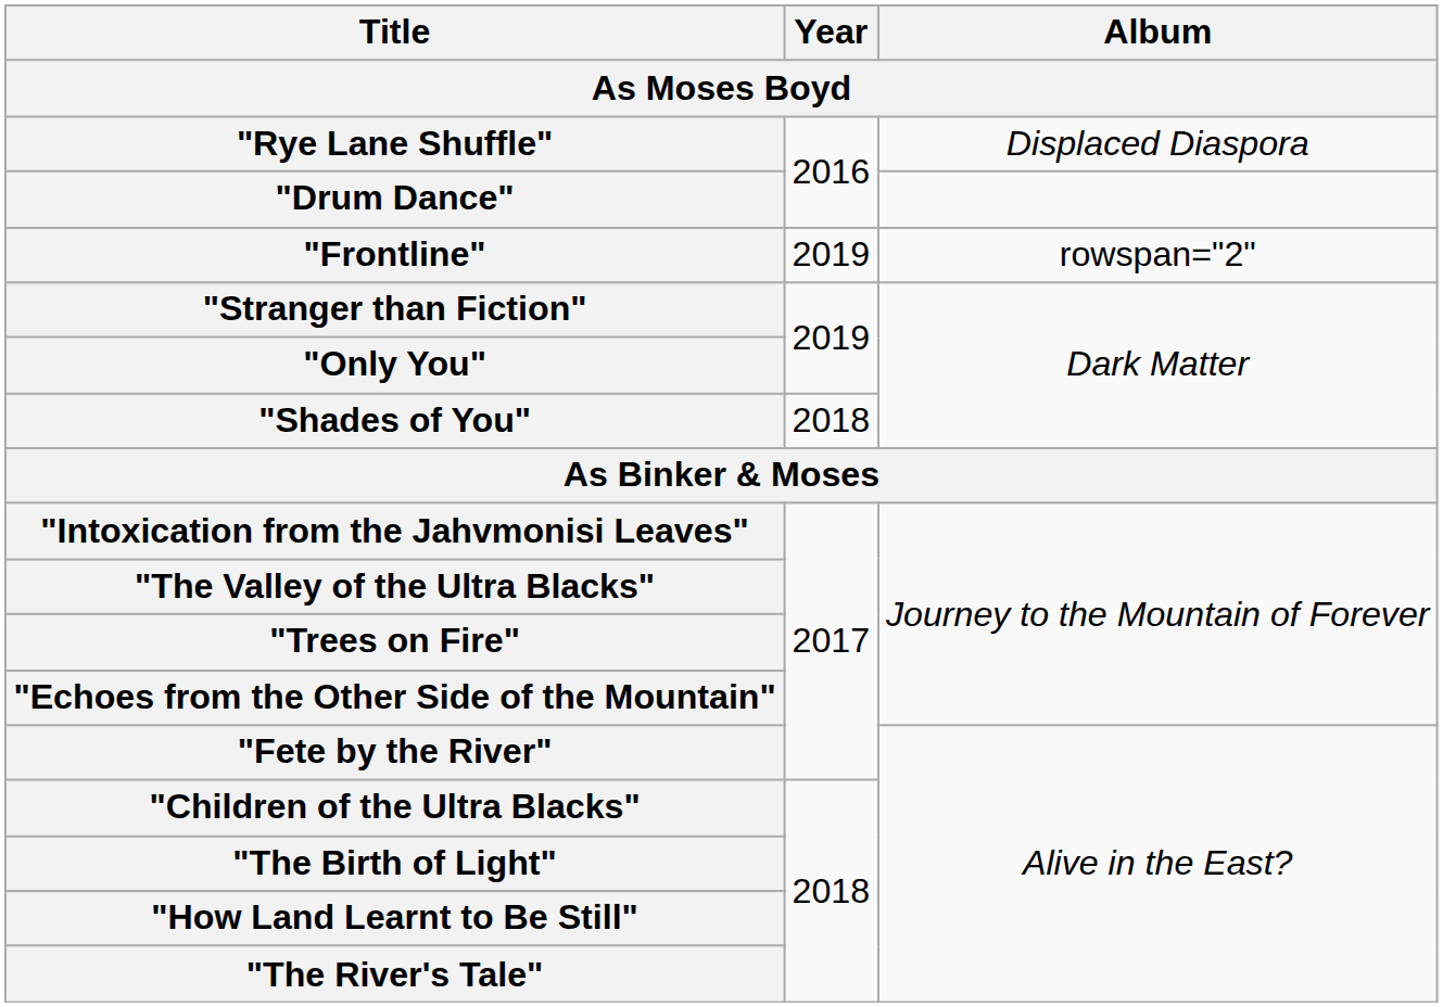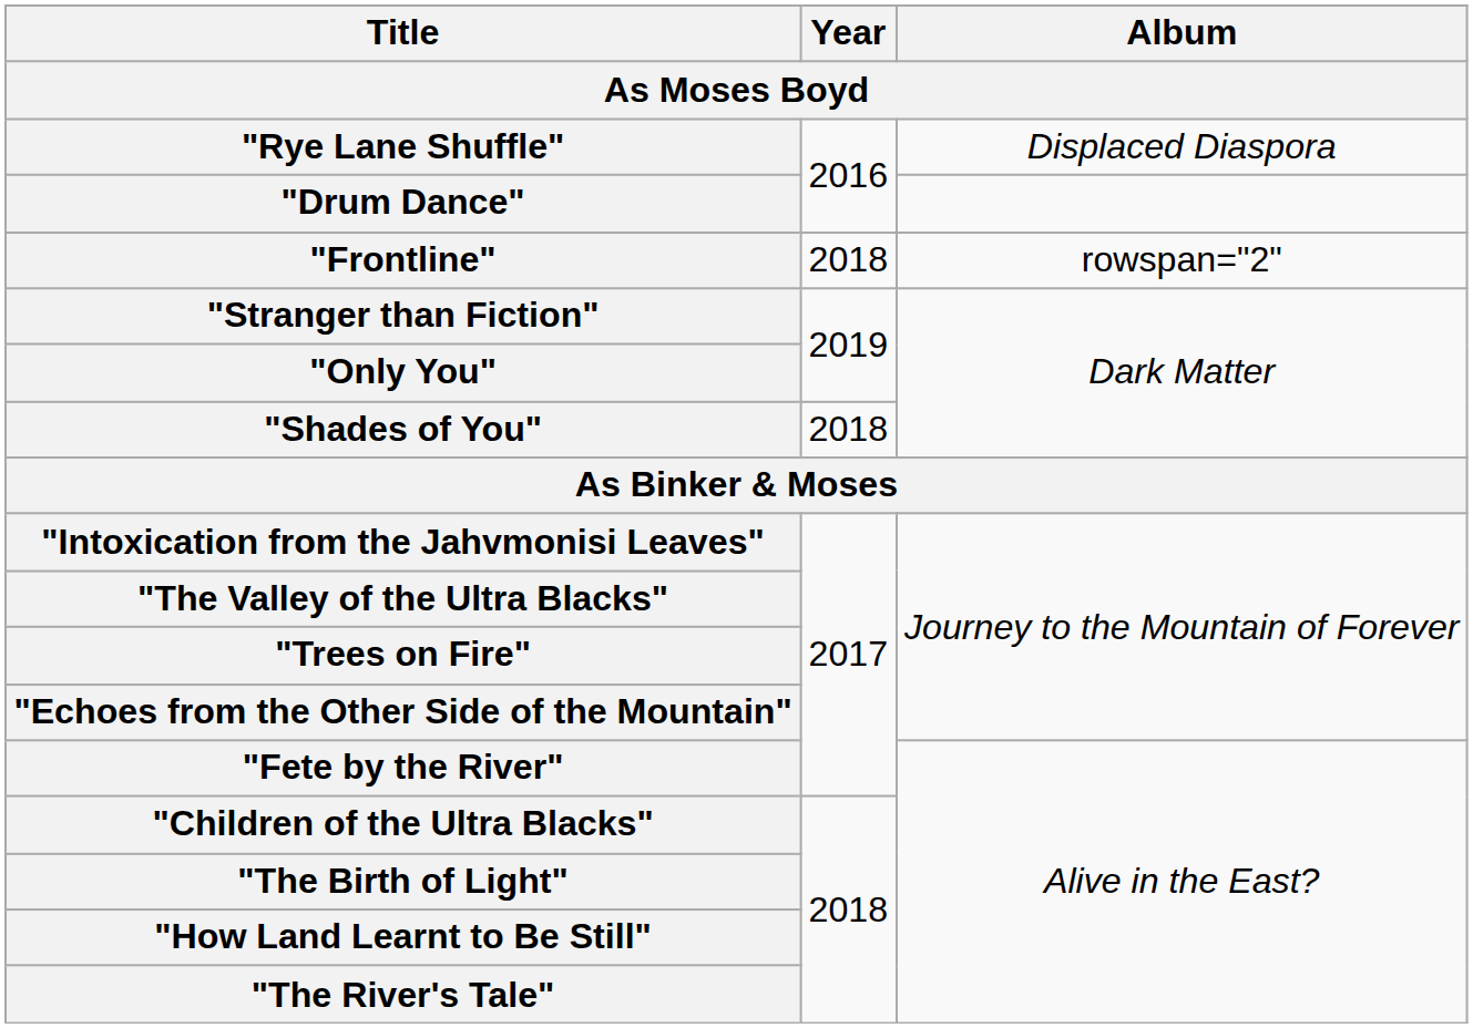 <table class="wikitable plainrowheaders" style="text-align:center">
 <tr>
 <th scope="col">Title</th>
 <th scope="col">Year</th>
 <th scope="col">Album</th>
 </tr>
 <tr>
 <th colspan="3">As Moses Boyd</th>
 </tr>
 <tr>
 <th scope="row">"Rye Lane Shuffle"</th>
 <td rowspan="2">2016</td>
 <td><em>Displaced Diaspora</em></td>
 </tr>
 <tr>
 <th scope="row">"Drum Dance"</th>
 </tr>
 <tr>
 <th scope="row">"Frontline"<br></th>
-<td>2019</td>
+<td>2018</td>
 <td>rowspan="2" </td>
 </tr>
 <tr>
 <th scope="row">"Stranger than Fiction"</th>
 <td rowspan="2">2019</td>
 <td rowspan="3"><em>Dark Matter</em></td>
 </tr>
 <tr>
 <th scope="row">"Only You"</th>
 </tr>
 <tr>
 <th scope="row">"Shades of You"<br></th>
 <td>2018</td>
 </tr>
 <tr>
 <th colspan="3">As Binker & Moses</th>
 </tr>
 <tr>
 <th scope="row">"Intoxication from the Jahvmonisi Leaves"</th>
 <td rowspan="5">2017</td>
 <td rowspan="4"><em>Journey to the Mountain of Forever</em></td>
 </tr>
 <tr>
 <th scope="row">"The Valley of the Ultra Blacks"</th>
 </tr>
 <tr>
 <th scope="row">"Trees on Fire"</th>
 </tr>
 <tr>
 <th scope="row">"Echoes from the Other Side of the Mountain"</th>
 </tr>
 <tr>
 <th scope="row">"Fete by the River"</th>
 <td rowspan="5"><em>Alive in the East?</em></td>
 </tr>
 <tr>
 <th scope="row">"Children of the Ultra Blacks"</th>
 <td rowspan="4">2018</td>
 </tr>
 <tr>
 <th scope="row">"The Birth of Light"</th>
 </tr>
 <tr>
 <th scope="row">"How Land Learnt to Be Still"</th>
 </tr>
 <tr>
 <th scope="row">"The River's Tale"</th>
 </tr>
 </table>
